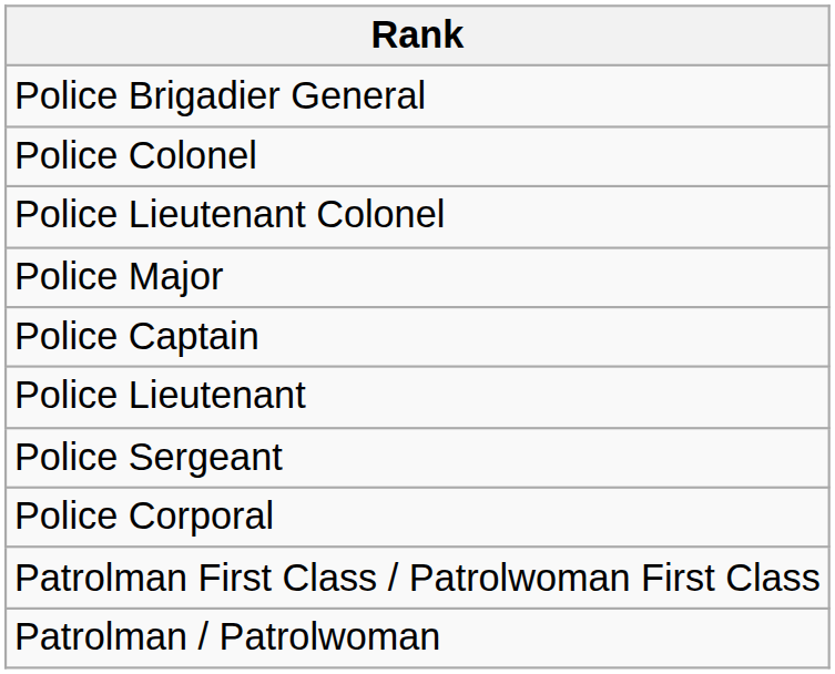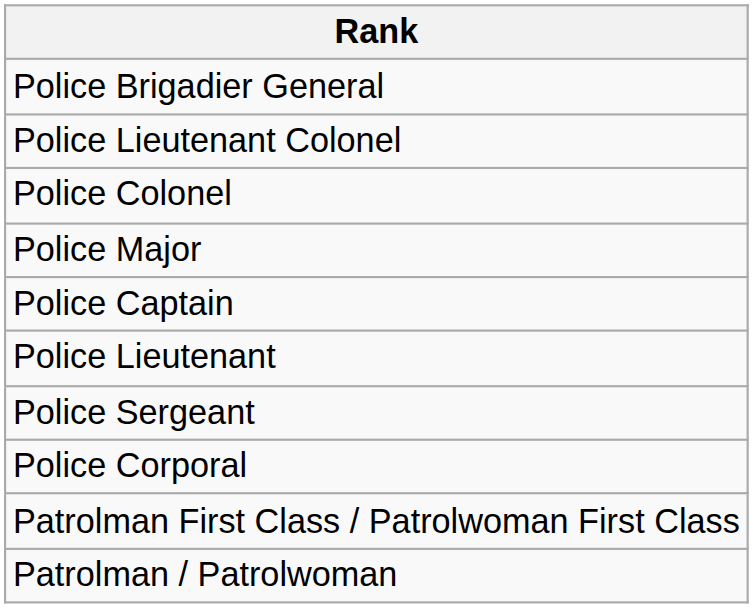 <table class="wikitable" style="display: inline-table;">
 <tr>
 <th>Rank</th>
 </tr>
 <tr>
 <td>Police Brigadier General</td>
 </tr>
 <tr>
-<td>Police Colonel</td>
+<td>Police Lieutenant Colonel</td>
 </tr>
 <tr>
-<td>Police Lieutenant Colonel</td>
+<td>Police Colonel</td>
 </tr>
 <tr>
 <td>Police Major</td>
 </tr>
 <tr>
 <td>Police Captain</td>
 </tr>
 <tr>
 <td>Police Lieutenant</td>
 </tr>
 <tr>
 <td>Police Sergeant</td>
 </tr>
 <tr>
 <td>Police Corporal</td>
 </tr>
 <tr>
 <td>Patrolman First Class / Patrolwoman First Class</td>
 </tr>
 <tr>
 <td>Patrolman / Patrolwoman</td>
 </tr>
 </table>
